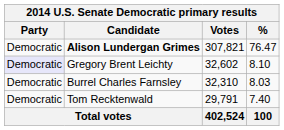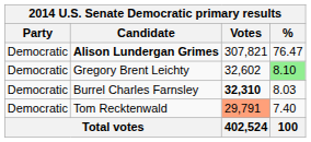 <table class="wikitable">
 <tr>
 <th colspan="4">2014 U.S. Senate Democratic primary results</th>
 </tr>
 <tr>
 <th>Party</th>
 <th>Candidate</th>
 <th>Votes</th>
 <th>%</th>
 </tr>
 <tr>
 <td>Democratic</td>
 <td><strong>Alison Lundergan Grimes</strong></td>
 <td>307,821</td>
 <td>76.47</td>
 </tr>
 <tr>
-<td style="background: lavender;">Democratic</td>
+<td>Democratic</td>
 <td>Gregory Brent Leichty</td>
 <td>32,602</td>
-<td>8.10</td>
+<td style="background: lightgreen;">8.10</td>
 </tr>
 <tr>
 <td>Democratic</td>
 <td>Burrel Charles Farnsley</td>
-<td>32,310</td>
+<td><strong>32,310</strong></td>
 <td>8.03</td>
 </tr>
 <tr>
 <td>Democratic</td>
 <td>Tom Recktenwald</td>
-<td>29,791</td>
+<td style="background: lightsalmon;">29,791</td>
 <td>7.40</td>
 </tr>
 <tr>
 <th colspan="2">Total votes</th>
 <th>402,524</th>
 <th>100</th>
 </tr>
 </table>
